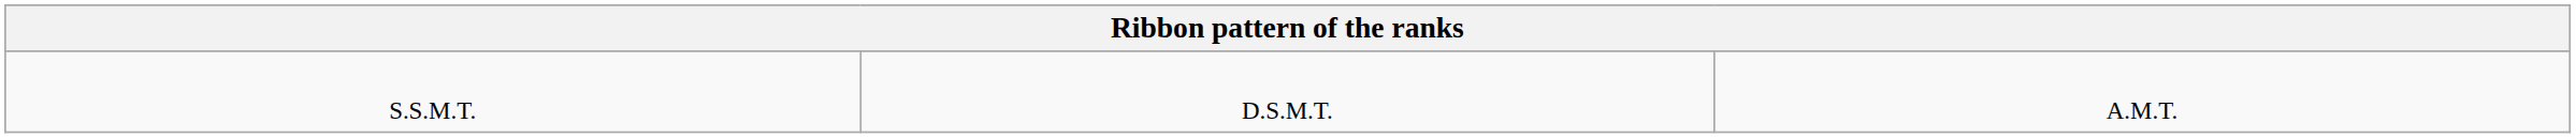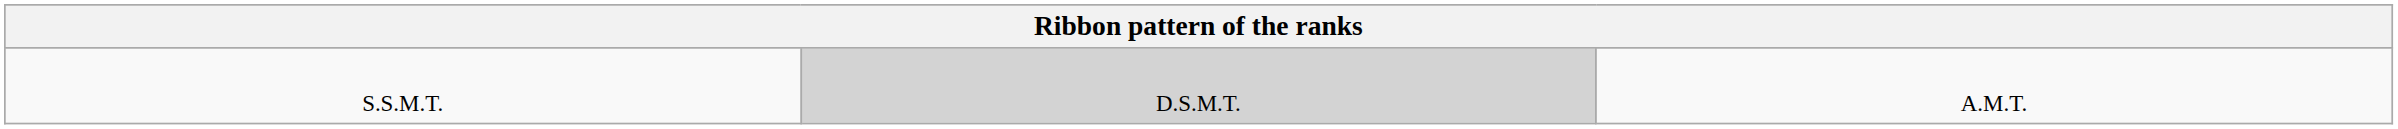 <table align=center class=wikitable width=70%>
 <tr>
 <th colspan=3>Ribbon pattern of the ranks </th>
 </tr>
 <tr>
 <td width=33% valign=top align=center><br><small>S.S.M.T.</small></td>
-<td width=33% valign=top align=center><br><small>D.S.M.T.</small></td>
+<td width=33% valign=top align=center style="background: lightgrey;"><br><small>D.S.M.T.</small></td>
 <td width=33% valign=top align=center><br><small>A.M.T.</small></td>
 </tr>
 </table>
